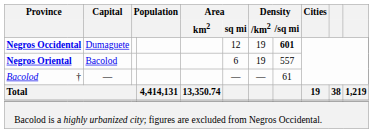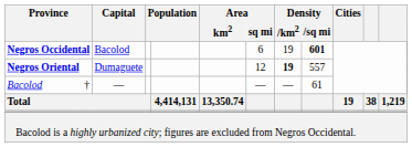 <table class="wikitable sortable" style="background-color:#FDFDFD;text-align:center;font-size:90%;border:1pt solid grey;">
 <tr>
 <th scope="col" style="border-bottom:none;" colspan=2 class="unsortable">Province </th>
 <th scope="col" style="border-bottom:none;" class="unsortable">Capital</th>
 <th scope="col" style="border-bottom:none;white-space:nowrap;" class="unsortable" colspan=2>Population </th>
 <th scope="col" style="border-bottom:none;" colspan=2>Area</th>
 <th scope="col" style="border-bottom:none;" colspan=2>Density</th>
 <th scope="col" style="border-bottom:none;" class="unsortable">Cities</th>
 <th scope="col" style="border-bottom:none;" class="unsortable"></th>
 <th scope="col" style="border-bottom:none;" class="unsortable"></th>
 </tr>
 <tr>
 <th scope="col" style="border-top:none;" colspan=2></th>
 <th scope="col" style="border-top:none;"></th>
 <th scope="col" style="border-top:none;" colspan=2></th>
 <th scope="col" style="border-style:none none solid solid;">km<sup>2</sup></th>
 <th scope="col" style="border-style:none solid solid none;white-space:nowrap;" class="unsortable">sq mi</th>
 <th scope="col" style="border-style:none none solid solid;">/km<sup>2</sup></th>
 <th scope="col" style="border-style:none solid solid none;white-space:nowrap;" class="unsortable">/sq mi</th>
 <th scope="col" style="border-top:none;"></th>
 <th scope="col" style="border-top:none;"></th>
 <th scope="col" style="border-top:none;"></th>
 </tr>
 <tr>
 <th scope="row" style="text-align:left;background-color:initial;" colspan=2><a href='#'>Negros Occidental</a></th>
-<td style="text-align:left;"><a href='#'>Dumaguete</a></td>
-<td></td>
-<td></td>
-<td></td>
-<td>12 </td>
-<td>19</td>
-<td><strong>601</strong></td>
-</tr>
-<tr>
-<th scope="row" style="text-align:left;background-color:initial;" colspan=2><a href='#'>Negros Oriental</a></th>
 <td style="text-align:left;"><a href='#'>Bacolod</a></td>
 <td></td>
 <td></td>
 <td></td>
 <td>6</td>
 <td>19</td>
+<td><strong>601</strong></td>
+</tr>
+<tr>
+<th scope="row" style="text-align:left;background-color:initial;" colspan=2><a href='#'>Negros Oriental</a></th>
+<td style="text-align:left;"><a href='#'>Dumaguete</a></td>
+<td></td>
+<td></td>
+<td></td>
+<td>12 </td>
+<td><strong>19</strong></td>
 <td>557</td>
 </tr>
 <tr>
 <th scope="row" style="text-align:left;background-color:initial;border-right:0;font-weight:normal;font-style:italic;"><a href='#'>Bacolod</a></th>
 <td style="text-align:right;border-left:0;">†</td>
 <td>—</td>
 <td></td>
 <td></td>
 <td></td>
 <td>—</td>
 <td>—</td>
 <td>61</td>
 </tr>
 <tr class="sortbottom">
 <th scope="row" colspan=4 style="text-align:left;">Total</th>
 <th scope="col" style="text-align:right;">4,414,131</th>
 <th scope="col" style="text-align:right;">13,350.74</th>
 <th scope="col"></th>
 <th scope="col" style="text-align:right;"></th>
 <th scope="col" style="text-align:right;"></th>
 <th scope="col">19</th>
 <th scope="col">38</th>
 <th scope="col">1,219</th>
 </tr>
 <tr class="sortbottom" style="text-align:left;background-color:#F2F2F2;border-top:double grey">
 <td colspan=14 style="padding-left:1em;"><br> Bacolod is a <em>highly urbanized city</em>; figures are excluded from Negros Occidental.</td>
 </tr>
 </table>
